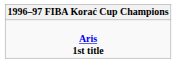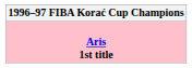 <table class=wikitable style="text-align:center; margin:auto">
 <tr>
 <th>1996–97 FIBA Korać Cup Champions</th>
 </tr>
 <tr>
-<td><br> <strong><a href='#'>Aris</a></strong> <br> <strong>1st title</strong></td>
+<td style="background: pink;"><br> <strong><a href='#'>Aris</a></strong> <br> <strong>1st title</strong></td>
 </tr>
 </table>
